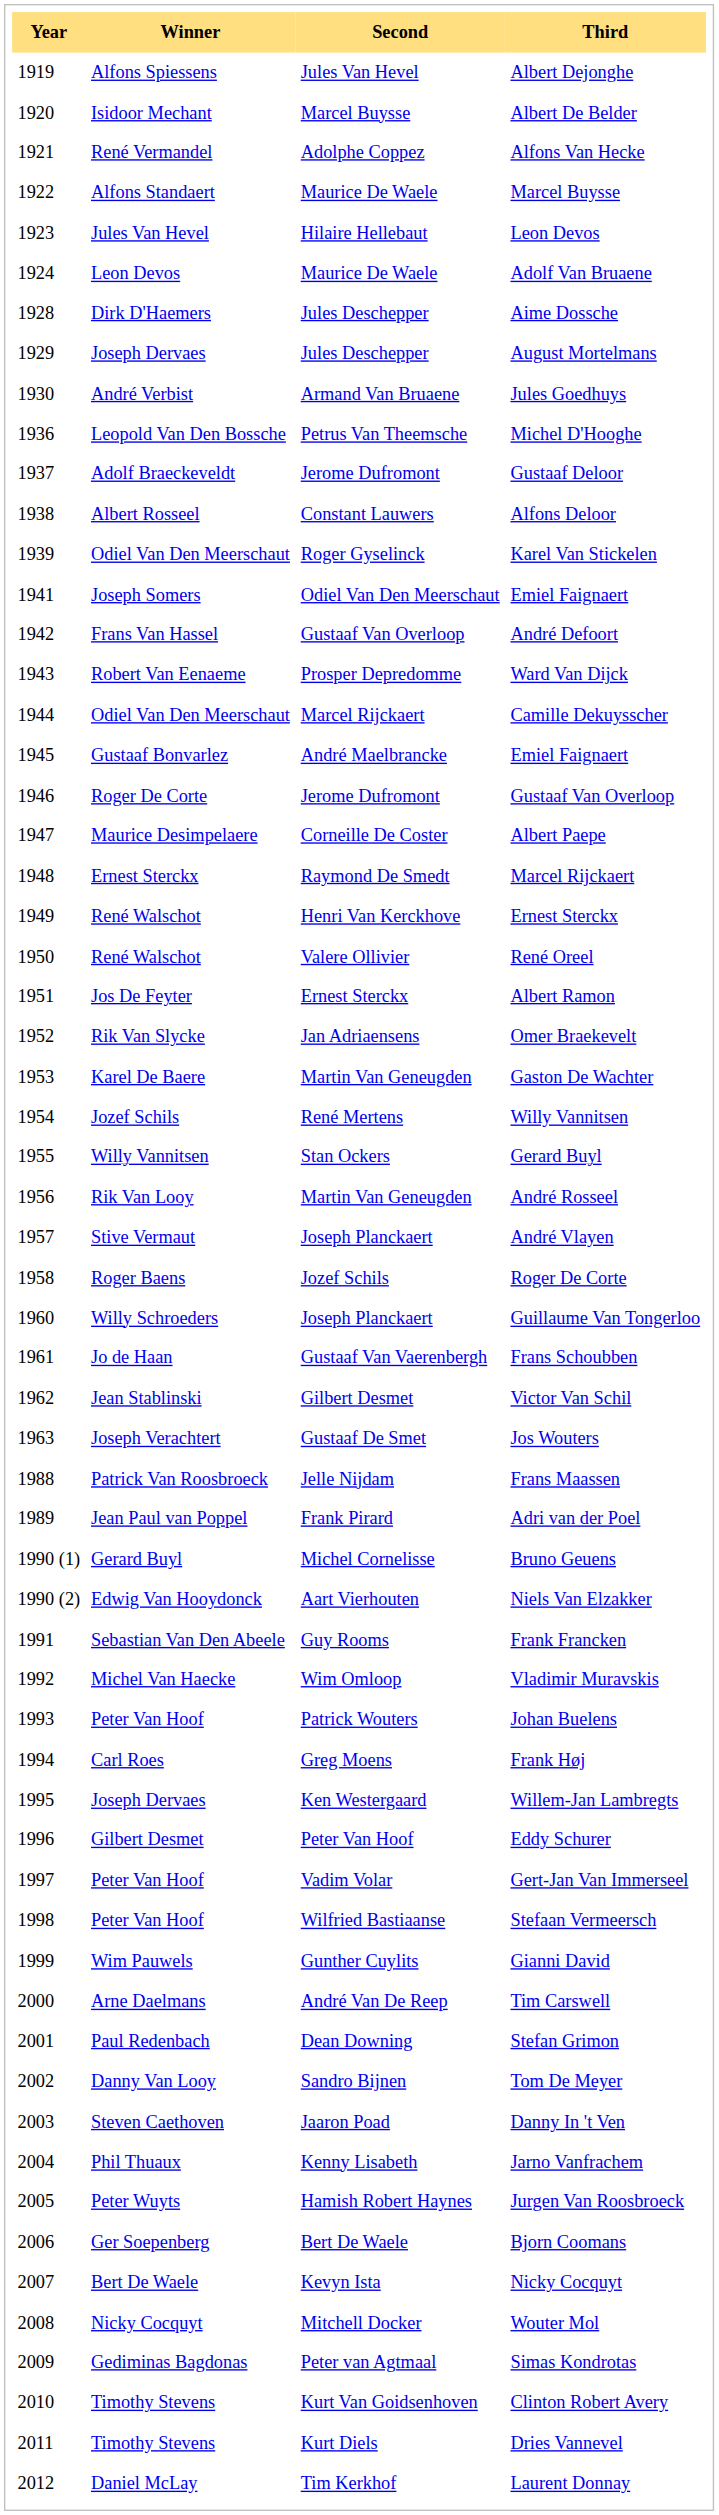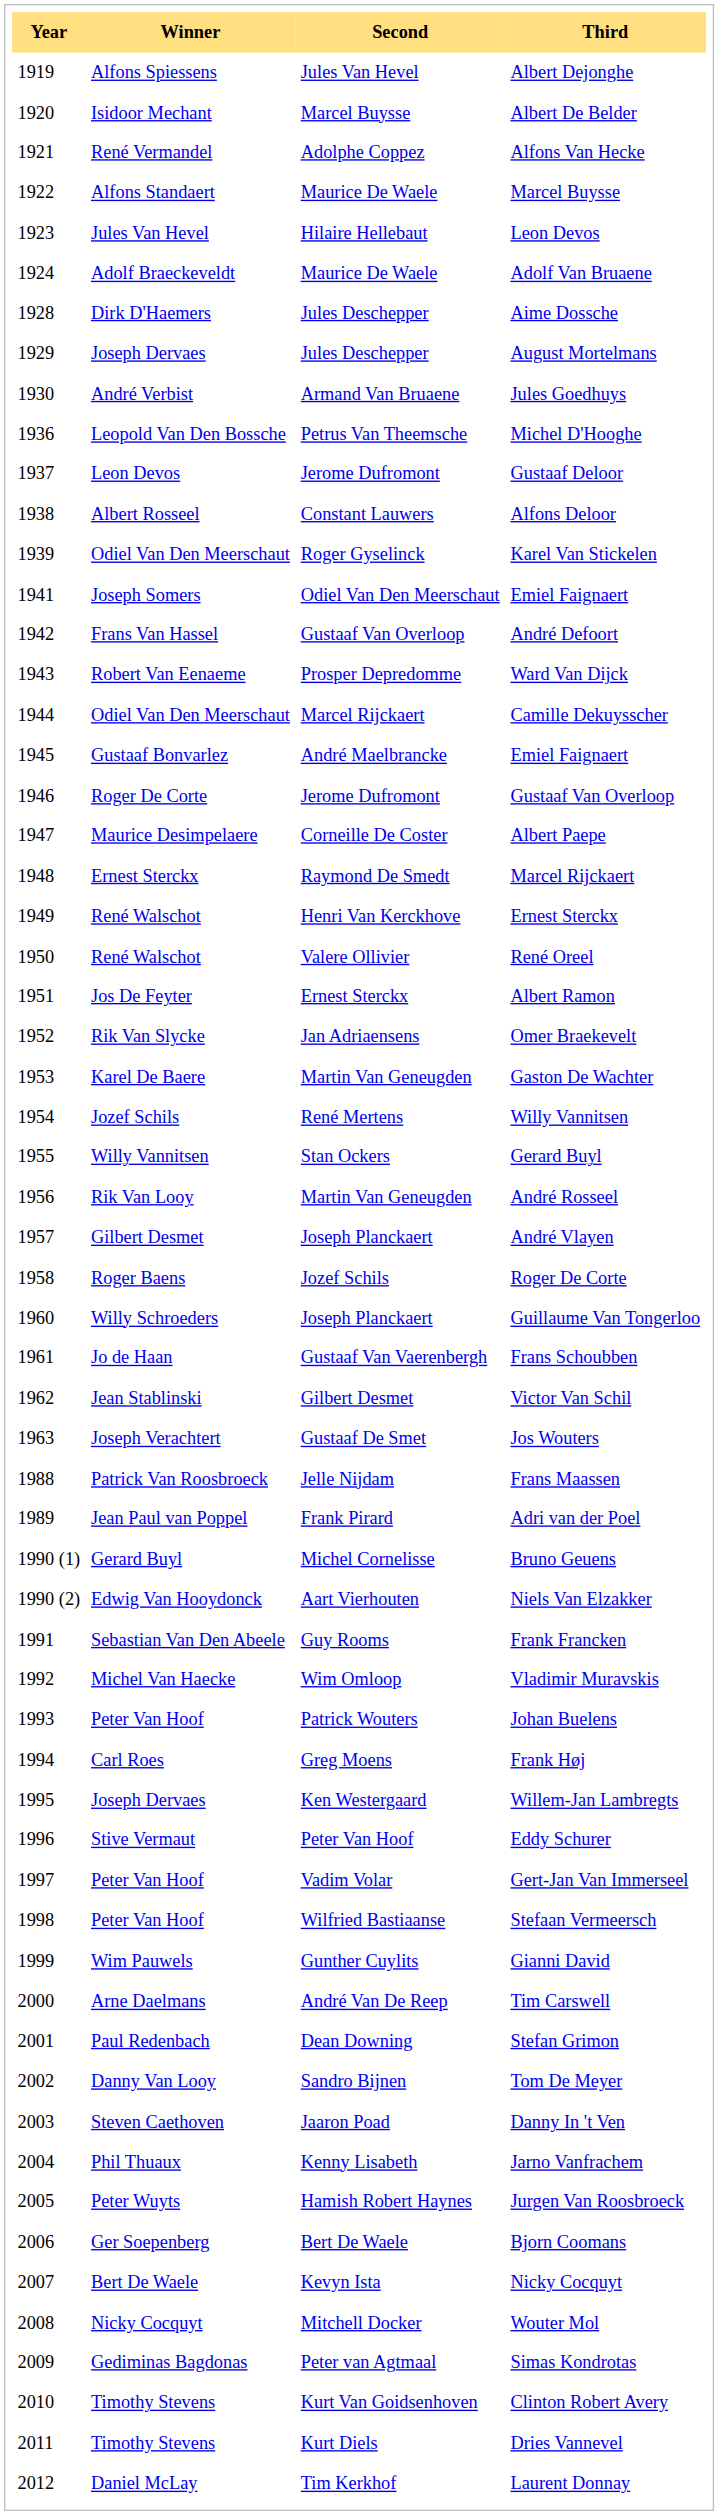 <table cellpadding="4" cellspacing="0"  style="border: 1px solid silver; color: black; margin: 0 0 0.5em 0; background-color: white; padding: 5px; text-align: left; font-size:85%; vertical-align: top; line-height:1.6em;">
 <tr>
 <th scope=col; align="center" bgcolor="FFDF80">Year</th>
 <th scope=col; align="center" bgcolor="FFDF80">Winner</th>
 <th scope=col; align="center" bgcolor="FFDF80">Second</th>
 <th scope=col; align="center" bgcolor="FFDF80">Third</th>
 </tr>
 <tr>
 <td>1919</td>
 <td> <a href='#'>Alfons Spiessens</a></td>
 <td> <a href='#'>Jules Van Hevel</a></td>
 <td> <a href='#'>Albert Dejonghe</a></td>
 </tr>
 <tr>
 <td>1920</td>
 <td> <a href='#'>Isidoor Mechant</a></td>
 <td> <a href='#'>Marcel Buysse</a></td>
 <td> <a href='#'>Albert De Belder</a></td>
 </tr>
 <tr>
 <td>1921</td>
 <td> <a href='#'>René Vermandel</a></td>
 <td> <a href='#'>Adolphe Coppez</a></td>
 <td> <a href='#'>Alfons Van Hecke</a></td>
 </tr>
 <tr>
 <td>1922</td>
 <td> <a href='#'>Alfons Standaert</a></td>
 <td> <a href='#'>Maurice De Waele</a></td>
 <td> <a href='#'>Marcel Buysse</a></td>
 </tr>
 <tr>
 <td>1923</td>
 <td> <a href='#'>Jules Van Hevel</a></td>
 <td> <a href='#'>Hilaire Hellebaut</a></td>
 <td> <a href='#'>Leon Devos</a></td>
 </tr>
 <tr>
 <td>1924</td>
-<td> <a href='#'>Leon Devos</a></td>
+<td> <a href='#'>Adolf Braeckeveldt</a></td>
 <td> <a href='#'>Maurice De Waele</a></td>
 <td> <a href='#'>Adolf Van Bruaene</a></td>
 </tr>
 <tr>
 <td>1928</td>
 <td> <a href='#'>Dirk D'Haemers</a></td>
 <td> <a href='#'>Jules Deschepper</a></td>
 <td> <a href='#'>Aime Dossche</a></td>
 </tr>
 <tr>
 <td>1929</td>
 <td> <a href='#'>Joseph Dervaes</a></td>
 <td> <a href='#'>Jules Deschepper</a></td>
 <td> <a href='#'>August Mortelmans</a></td>
 </tr>
 <tr>
 <td>1930</td>
 <td> <a href='#'>André Verbist</a></td>
 <td> <a href='#'>Armand Van Bruaene</a></td>
 <td> <a href='#'>Jules Goedhuys</a></td>
 </tr>
 <tr>
 <td>1936</td>
 <td> <a href='#'>Leopold Van Den Bossche</a></td>
 <td> <a href='#'>Petrus Van Theemsche</a></td>
 <td> <a href='#'>Michel D'Hooghe</a></td>
 </tr>
 <tr>
 <td>1937</td>
-<td> <a href='#'>Adolf Braeckeveldt</a></td>
+<td> <a href='#'>Leon Devos</a></td>
 <td> <a href='#'>Jerome Dufromont</a></td>
 <td> <a href='#'>Gustaaf Deloor</a></td>
 </tr>
 <tr>
 <td>1938</td>
 <td> <a href='#'>Albert Rosseel</a></td>
 <td> <a href='#'>Constant Lauwers</a></td>
 <td> <a href='#'>Alfons Deloor</a></td>
 </tr>
 <tr>
 <td>1939</td>
 <td> <a href='#'>Odiel Van Den Meerschaut</a></td>
 <td> <a href='#'>Roger Gyselinck</a></td>
 <td> <a href='#'>Karel Van Stickelen</a></td>
 </tr>
 <tr>
 <td>1941</td>
 <td> <a href='#'>Joseph Somers</a></td>
 <td> <a href='#'>Odiel Van Den Meerschaut</a></td>
 <td> <a href='#'>Emiel Faignaert</a></td>
 </tr>
 <tr>
 <td>1942</td>
 <td> <a href='#'>Frans Van Hassel</a></td>
 <td> <a href='#'>Gustaaf Van Overloop</a></td>
 <td> <a href='#'>André Defoort</a></td>
 </tr>
 <tr>
 <td>1943</td>
 <td> <a href='#'>Robert Van Eenaeme</a></td>
 <td> <a href='#'>Prosper Depredomme</a></td>
 <td> <a href='#'>Ward Van Dijck</a></td>
 </tr>
 <tr>
 <td>1944</td>
 <td> <a href='#'>Odiel Van Den Meerschaut</a></td>
 <td> <a href='#'>Marcel Rijckaert</a></td>
 <td> <a href='#'>Camille Dekuysscher</a></td>
 </tr>
 <tr>
 <td>1945</td>
 <td> <a href='#'>Gustaaf Bonvarlez</a></td>
 <td> <a href='#'>André Maelbrancke</a></td>
 <td> <a href='#'>Emiel Faignaert</a></td>
 </tr>
 <tr>
 <td>1946</td>
 <td> <a href='#'>Roger De Corte</a></td>
 <td> <a href='#'>Jerome Dufromont</a></td>
 <td> <a href='#'>Gustaaf Van Overloop</a></td>
 </tr>
 <tr>
 <td>1947</td>
 <td> <a href='#'>Maurice Desimpelaere</a></td>
 <td> <a href='#'>Corneille De Coster</a></td>
 <td> <a href='#'>Albert Paepe</a></td>
 </tr>
 <tr>
 <td>1948</td>
 <td> <a href='#'>Ernest Sterckx</a></td>
 <td> <a href='#'>Raymond De Smedt</a></td>
 <td> <a href='#'>Marcel Rijckaert</a></td>
 </tr>
 <tr>
 <td>1949</td>
 <td> <a href='#'>René Walschot</a></td>
 <td> <a href='#'>Henri Van Kerckhove</a></td>
 <td> <a href='#'>Ernest Sterckx</a></td>
 </tr>
 <tr>
 <td>1950</td>
 <td> <a href='#'>René Walschot</a></td>
 <td> <a href='#'>Valere Ollivier</a></td>
 <td> <a href='#'>René Oreel</a></td>
 </tr>
 <tr>
 <td>1951</td>
 <td> <a href='#'>Jos De Feyter</a></td>
 <td> <a href='#'>Ernest Sterckx</a></td>
 <td> <a href='#'>Albert Ramon</a></td>
 </tr>
 <tr>
 <td>1952</td>
 <td> <a href='#'>Rik Van Slycke</a></td>
 <td> <a href='#'>Jan Adriaensens</a></td>
 <td> <a href='#'>Omer Braekevelt</a></td>
 </tr>
 <tr>
 <td>1953</td>
 <td> <a href='#'>Karel De Baere</a></td>
 <td> <a href='#'>Martin Van Geneugden</a></td>
 <td> <a href='#'>Gaston De Wachter</a></td>
 </tr>
 <tr>
 <td>1954</td>
 <td> <a href='#'>Jozef Schils</a></td>
 <td> <a href='#'>René Mertens</a></td>
 <td> <a href='#'>Willy Vannitsen</a></td>
 </tr>
 <tr>
 <td>1955</td>
 <td> <a href='#'>Willy Vannitsen</a></td>
 <td> <a href='#'>Stan Ockers</a></td>
 <td> <a href='#'>Gerard Buyl</a></td>
 </tr>
 <tr>
 <td>1956</td>
 <td> <a href='#'>Rik Van Looy</a></td>
 <td> <a href='#'>Martin Van Geneugden</a></td>
 <td> <a href='#'>André Rosseel</a></td>
 </tr>
 <tr>
 <td>1957</td>
-<td> <a href='#'>Stive Vermaut</a></td>
+<td> <a href='#'>Gilbert Desmet</a></td>
 <td> <a href='#'>Joseph Planckaert</a></td>
 <td> <a href='#'>André Vlayen</a></td>
 </tr>
 <tr>
 <td>1958</td>
 <td> <a href='#'>Roger Baens</a></td>
 <td> <a href='#'>Jozef Schils</a></td>
 <td> <a href='#'>Roger De Corte</a></td>
 </tr>
 <tr>
 <td>1960</td>
 <td> <a href='#'>Willy Schroeders</a></td>
 <td> <a href='#'>Joseph Planckaert</a></td>
 <td> <a href='#'>Guillaume Van Tongerloo</a></td>
 </tr>
 <tr>
 <td>1961</td>
 <td> <a href='#'>Jo de Haan</a></td>
 <td> <a href='#'>Gustaaf Van Vaerenbergh</a></td>
 <td> <a href='#'>Frans Schoubben</a></td>
 </tr>
 <tr>
 <td>1962</td>
 <td> <a href='#'>Jean Stablinski</a></td>
 <td> <a href='#'>Gilbert Desmet</a></td>
 <td> <a href='#'>Victor Van Schil</a></td>
 </tr>
 <tr>
 <td>1963</td>
 <td> <a href='#'>Joseph Verachtert</a></td>
 <td> <a href='#'>Gustaaf De Smet</a></td>
 <td> <a href='#'>Jos Wouters</a></td>
 </tr>
 <tr>
 <td>1988</td>
 <td> <a href='#'>Patrick Van Roosbroeck</a></td>
 <td> <a href='#'>Jelle Nijdam</a></td>
 <td> <a href='#'>Frans Maassen</a></td>
 </tr>
 <tr>
 <td>1989</td>
 <td> <a href='#'>Jean Paul van Poppel</a></td>
 <td> <a href='#'>Frank Pirard</a></td>
 <td> <a href='#'>Adri van der Poel</a></td>
 </tr>
 <tr>
 <td>1990 (1)</td>
 <td> <a href='#'>Gerard Buyl</a></td>
 <td> <a href='#'>Michel Cornelisse</a></td>
 <td> <a href='#'>Bruno Geuens</a></td>
 </tr>
 <tr>
 <td>1990 (2)</td>
 <td> <a href='#'>Edwig Van Hooydonck</a></td>
 <td> <a href='#'>Aart Vierhouten</a></td>
 <td> <a href='#'>Niels Van Elzakker</a></td>
 </tr>
 <tr>
 <td>1991</td>
 <td> <a href='#'>Sebastian Van Den Abeele</a></td>
 <td> <a href='#'>Guy Rooms</a></td>
 <td> <a href='#'>Frank Francken</a></td>
 </tr>
 <tr>
 <td>1992</td>
 <td> <a href='#'>Michel Van Haecke</a></td>
 <td> <a href='#'>Wim Omloop</a></td>
 <td> <a href='#'>Vladimir Muravskis</a></td>
 </tr>
 <tr>
 <td>1993</td>
 <td> <a href='#'>Peter Van Hoof</a></td>
 <td> <a href='#'>Patrick Wouters</a></td>
 <td> <a href='#'>Johan Buelens</a></td>
 </tr>
 <tr>
 <td>1994</td>
 <td> <a href='#'>Carl Roes</a></td>
 <td> <a href='#'>Greg Moens</a></td>
 <td> <a href='#'>Frank Høj</a></td>
 </tr>
 <tr>
 <td>1995</td>
 <td> <a href='#'>Joseph Dervaes</a></td>
 <td> <a href='#'>Ken Westergaard</a></td>
 <td> <a href='#'>Willem-Jan Lambregts</a></td>
 </tr>
 <tr>
 <td>1996</td>
-<td> <a href='#'>Gilbert Desmet</a></td>
+<td> <a href='#'>Stive Vermaut</a></td>
 <td> <a href='#'>Peter Van Hoof</a></td>
 <td> <a href='#'>Eddy Schurer</a></td>
 </tr>
 <tr>
 <td>1997</td>
 <td> <a href='#'>Peter Van Hoof</a></td>
 <td> <a href='#'>Vadim Volar</a></td>
 <td> <a href='#'>Gert-Jan Van Immerseel</a></td>
 </tr>
 <tr>
 <td>1998</td>
 <td> <a href='#'>Peter Van Hoof</a></td>
 <td> <a href='#'>Wilfried Bastiaanse</a></td>
 <td> <a href='#'>Stefaan Vermeersch</a></td>
 </tr>
 <tr>
 <td>1999</td>
 <td> <a href='#'>Wim Pauwels</a></td>
 <td> <a href='#'>Gunther Cuylits</a></td>
 <td> <a href='#'>Gianni David</a></td>
 </tr>
 <tr>
 <td>2000</td>
 <td> <a href='#'>Arne Daelmans</a></td>
 <td> <a href='#'>André Van De Reep</a></td>
 <td> <a href='#'>Tim Carswell</a></td>
 </tr>
 <tr>
 <td>2001</td>
 <td> <a href='#'>Paul Redenbach</a></td>
 <td> <a href='#'>Dean Downing</a></td>
 <td> <a href='#'>Stefan Grimon</a></td>
 </tr>
 <tr>
 <td>2002</td>
 <td> <a href='#'>Danny Van Looy</a></td>
 <td> <a href='#'>Sandro Bijnen</a></td>
 <td> <a href='#'>Tom De Meyer</a></td>
 </tr>
 <tr>
 <td>2003</td>
 <td> <a href='#'>Steven Caethoven</a></td>
 <td> <a href='#'>Jaaron Poad</a></td>
 <td> <a href='#'>Danny In 't Ven</a></td>
 </tr>
 <tr>
 <td>2004</td>
 <td> <a href='#'>Phil Thuaux</a></td>
 <td> <a href='#'>Kenny Lisabeth</a></td>
 <td> <a href='#'>Jarno Vanfrachem</a></td>
 </tr>
 <tr>
 <td>2005</td>
 <td> <a href='#'>Peter Wuyts</a></td>
 <td> <a href='#'>Hamish Robert Haynes</a></td>
 <td> <a href='#'>Jurgen Van Roosbroeck</a></td>
 </tr>
 <tr>
 <td>2006</td>
 <td> <a href='#'>Ger Soepenberg</a></td>
 <td> <a href='#'>Bert De Waele</a></td>
 <td> <a href='#'>Bjorn Coomans</a></td>
 </tr>
 <tr>
 <td>2007</td>
 <td> <a href='#'>Bert De Waele</a></td>
 <td> <a href='#'>Kevyn Ista</a></td>
 <td> <a href='#'>Nicky Cocquyt</a></td>
 </tr>
 <tr>
 <td>2008</td>
 <td> <a href='#'>Nicky Cocquyt</a></td>
 <td> <a href='#'>Mitchell Docker</a></td>
 <td> <a href='#'>Wouter Mol</a></td>
 </tr>
 <tr>
 <td>2009</td>
 <td> <a href='#'>Gediminas Bagdonas</a></td>
 <td> <a href='#'>Peter van Agtmaal</a></td>
 <td> <a href='#'>Simas Kondrotas</a></td>
 </tr>
 <tr>
 <td>2010</td>
 <td> <a href='#'>Timothy Stevens</a></td>
 <td> <a href='#'>Kurt Van Goidsenhoven</a></td>
 <td> <a href='#'>Clinton Robert Avery</a></td>
 </tr>
 <tr>
 <td>2011</td>
 <td> <a href='#'>Timothy Stevens</a></td>
 <td> <a href='#'>Kurt Diels</a></td>
 <td> <a href='#'>Dries Vannevel</a></td>
 </tr>
 <tr>
 <td>2012</td>
 <td> <a href='#'>Daniel McLay</a></td>
 <td> <a href='#'>Tim Kerkhof</a></td>
 <td> <a href='#'>Laurent Donnay</a></td>
 </tr>
 </table>
